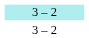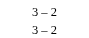 <table style="text-align:center">
 <tr>
 <th width=200></th>
 <th width=100></th>
 <th width=200></th>
 </tr>
 <tr>
 <td align=right><strong></strong></td>
-<td style="background: paleturquoise;">3 – 2</td>
+<td>3 – 2</td>
 <td align=left></td>
 </tr>
 <tr>
 <td align=right><strong></strong></td>
 <td>3 – 2</td>
 <td align=left></td>
 </tr>
 </table>
